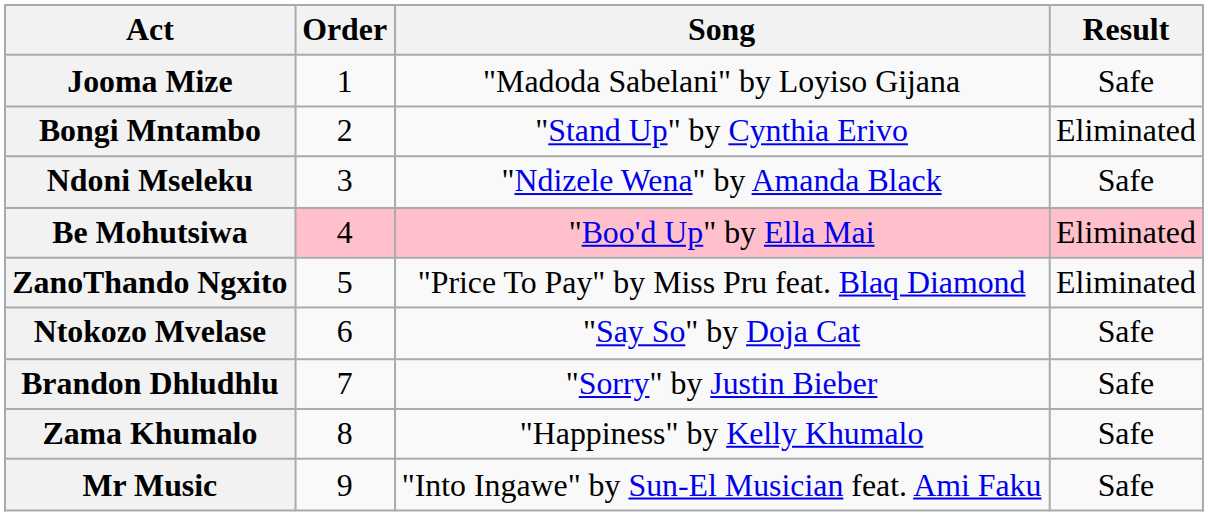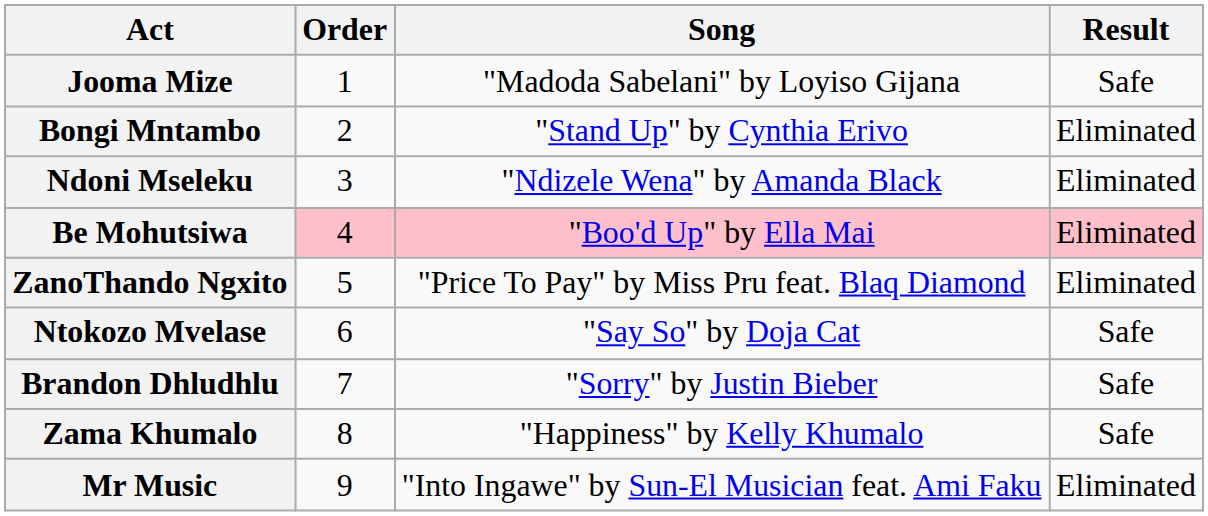 <table class="wikitable plainrowheaders" style="text-align:center;">
 <tr>
 <th scope"col">Act</th>
 <th scope"col">Order</th>
 <th scope"col">Song</th>
 <th scope"col">Result</th>
 </tr>
 <tr>
 <th scope=row>Jooma Mize</th>
 <td>1</td>
 <td>"Madoda Sabelani" by Loyiso Gijana</td>
 <td>Safe</td>
 </tr>
 <tr>
 <th scope=row>Bongi Mntambo</th>
 <td>2</td>
 <td>"<a href='#'>Stand Up</a>" by <a href='#'>Cynthia Erivo</a></td>
 <td>Eliminated</td>
 </tr>
 <tr>
 <th scope=row>Ndoni Mseleku</th>
 <td>3</td>
 <td>"<a href='#'>Ndizele Wena</a>" by <a href='#'>Amanda Black</a></td>
-<td>Safe</td>
+<td>Eliminated</td>
 </tr>
 <tr style="background: pink">
 <th scope=row>Be Mohutsiwa</th>
 <td>4</td>
 <td>"<a href='#'>Boo'd Up</a>" by <a href='#'>Ella Mai</a></td>
 <td>Eliminated</td>
 </tr>
 <tr>
 <th scope=row>ZanoThando Ngxito</th>
 <td>5</td>
 <td>"Price To Pay" by Miss Pru feat. <a href='#'>Blaq Diamond</a></td>
 <td>Eliminated</td>
 </tr>
 <tr>
 <th scope=row>Ntokozo Mvelase</th>
 <td>6</td>
 <td>"<a href='#'>Say So</a>" by <a href='#'>Doja Cat</a></td>
 <td>Safe</td>
 </tr>
 <tr>
 <th scope=row>Brandon Dhludhlu</th>
 <td>7</td>
 <td>"<a href='#'>Sorry</a>" by <a href='#'>Justin Bieber</a></td>
 <td>Safe</td>
 </tr>
 <tr>
 <th scope=row>Zama Khumalo</th>
 <td>8</td>
 <td>"Happiness" by <a href='#'>Kelly Khumalo</a></td>
 <td>Safe</td>
 </tr>
 <tr>
 <th scope=row>Mr Music</th>
 <td>9</td>
 <td>"Into Ingawe" by <a href='#'>Sun-El Musician</a> feat. <a href='#'>Ami Faku</a></td>
-<td>Safe</td>
+<td>Eliminated</td>
 </tr>
 </table>
